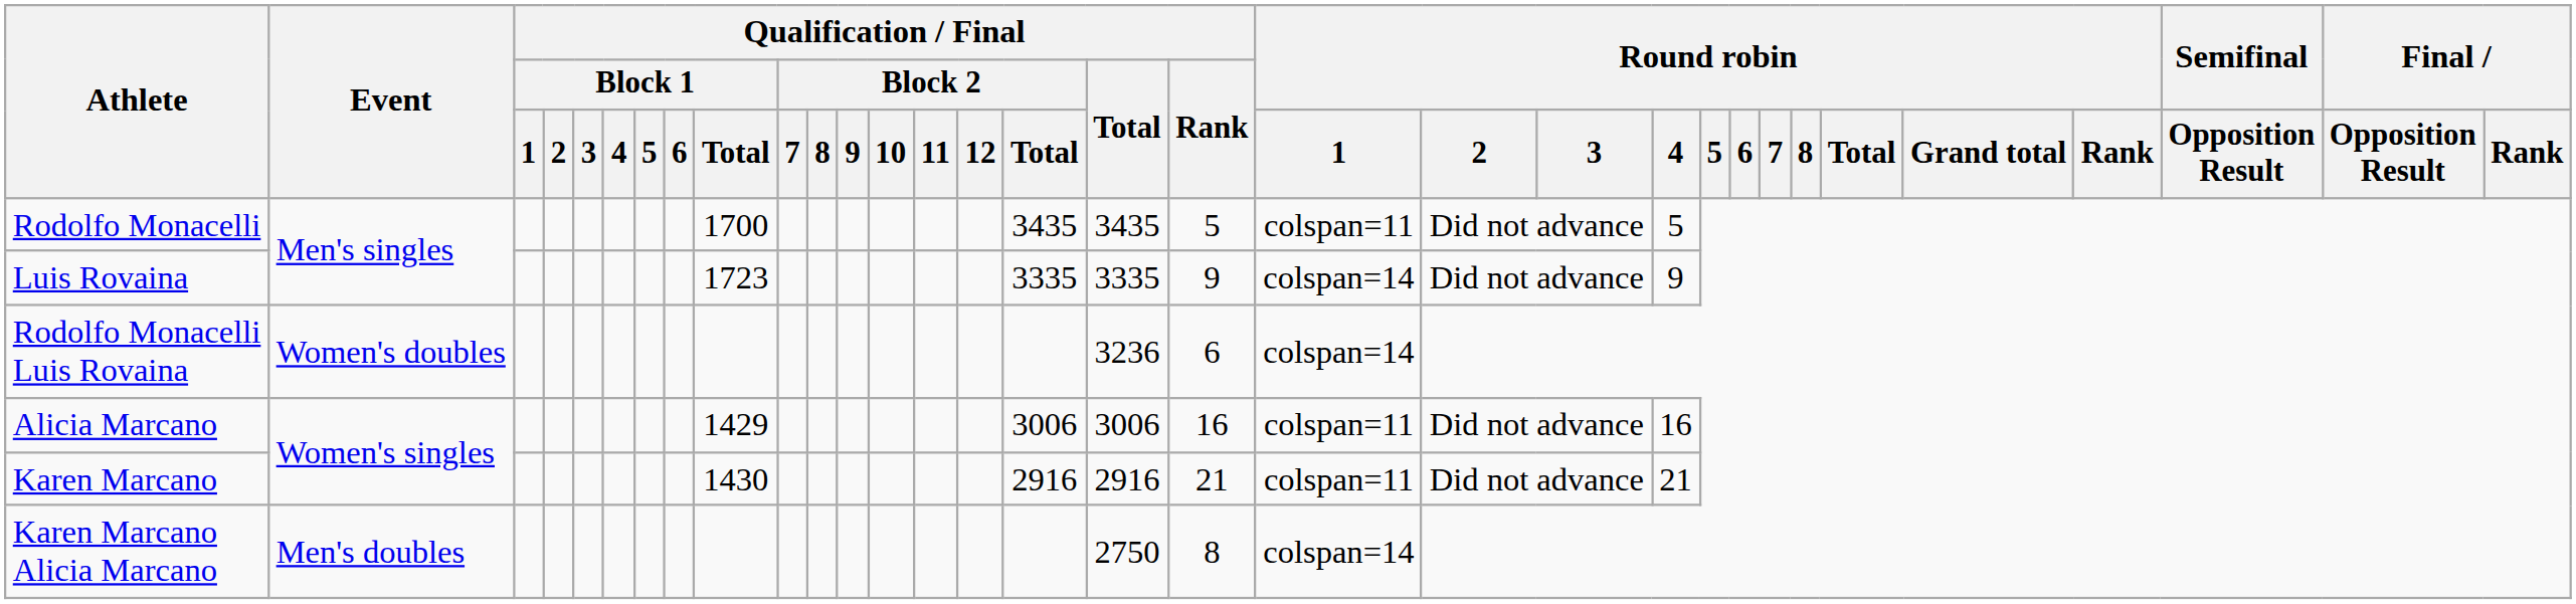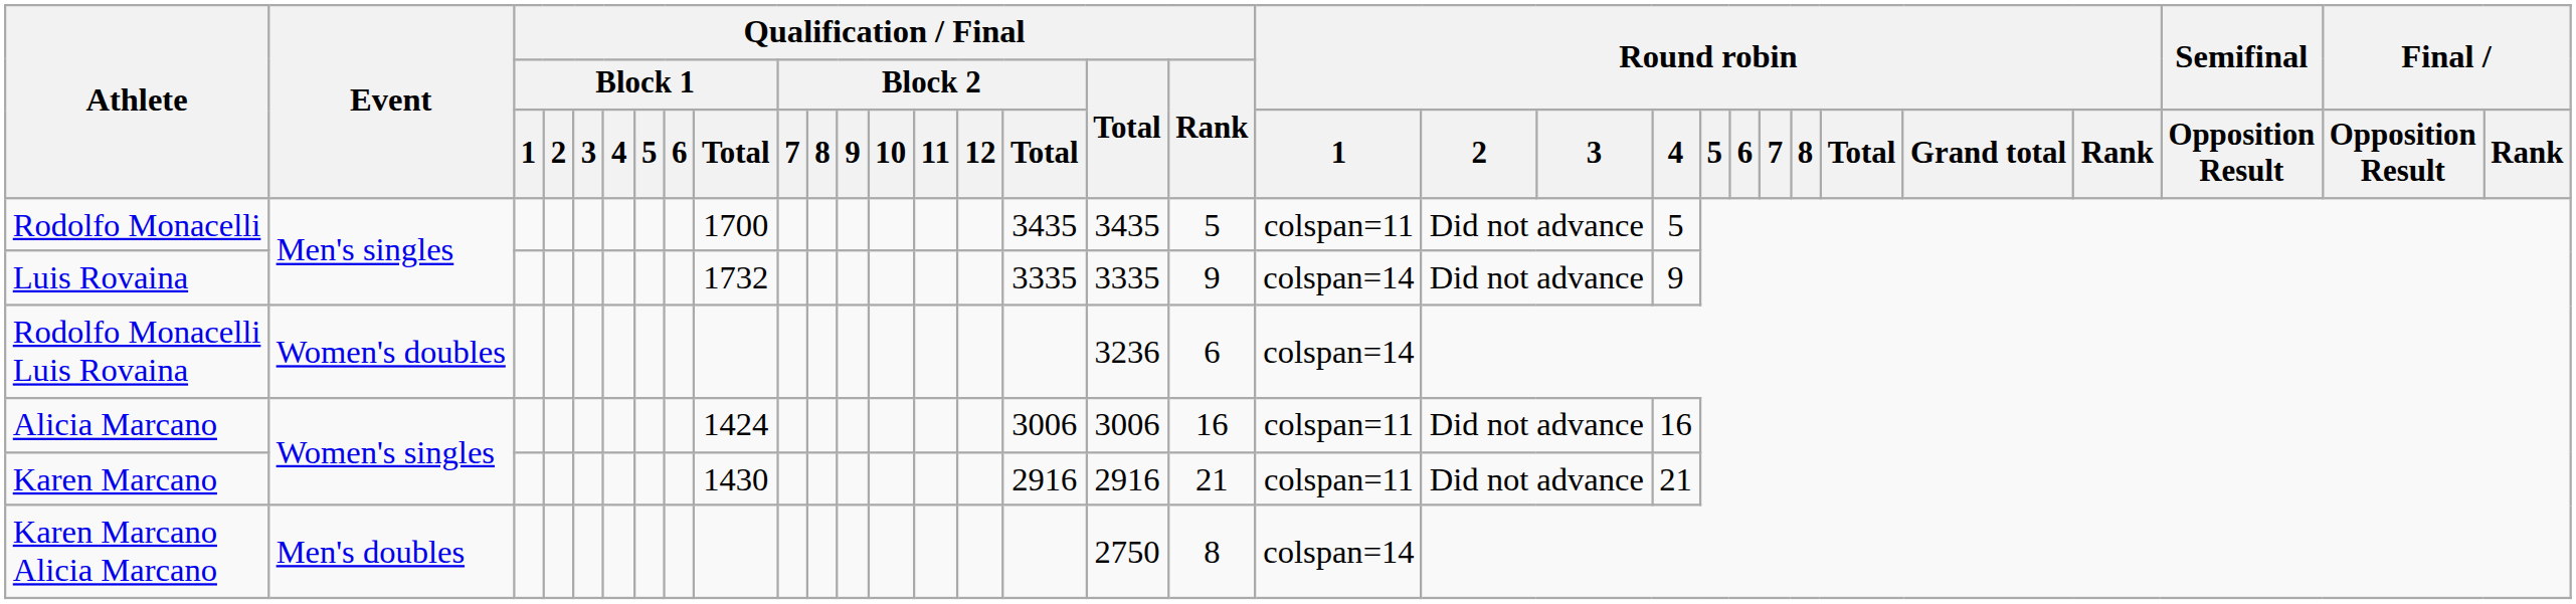 <table class=wikitable style=font-size:90%;text-align:center>
 <tr>
 <th rowspan=3>Athlete</th>
 <th rowspan=3>Event</th>
 <th colspan=16>Qualification / Final</th>
 <th colspan=11 rowspan=2>Round robin</th>
 <th rowspan=2>Semifinal</th>
 <th rowspan=2 colspan=2>Final / </th>
 </tr>
 <tr style=font-size:95%>
 <th colspan=7>Block 1</th>
 <th colspan=7>Block 2</th>
 <th rowspan=2>Total</th>
 <th rowspan=2>Rank</th>
 </tr>
 <tr style=font-size:95%>
 <th>1</th>
 <th>2</th>
 <th>3</th>
 <th>4</th>
 <th>5</th>
 <th>6</th>
 <th>Total</th>
 <th>7</th>
 <th>8</th>
 <th>9</th>
 <th>10</th>
 <th>11</th>
 <th>12</th>
 <th>Total</th>
 <th>1</th>
 <th>2</th>
 <th>3</th>
 <th>4</th>
 <th>5</th>
 <th>6</th>
 <th>7</th>
 <th>8</th>
 <th>Total</th>
 <th>Grand total</th>
 <th>Rank</th>
 <th>Opposition<br>Result</th>
 <th>Opposition<br>Result</th>
 <th>Rank</th>
 </tr>
 <tr>
 <td align=left><a href='#'>Rodolfo Monacelli</a></td>
 <td align=left rowspan=2><a href='#'>Men's singles</a></td>
 <td></td>
 <td></td>
 <td></td>
 <td></td>
 <td></td>
 <td></td>
 <td>1700</td>
 <td></td>
 <td></td>
 <td></td>
 <td></td>
 <td></td>
 <td></td>
 <td>3435</td>
 <td>3435</td>
 <td>5</td>
 <td>colspan=11 </td>
 <td colspan=2>Did not advance</td>
 <td>5</td>
 </tr>
 <tr>
 <td align=left><a href='#'>Luis Rovaina</a></td>
 <td></td>
 <td></td>
 <td></td>
 <td></td>
 <td></td>
 <td></td>
-<td>1723</td>
+<td>1732</td>
 <td></td>
 <td></td>
 <td></td>
 <td></td>
 <td></td>
 <td></td>
 <td>3335</td>
 <td>3335</td>
 <td>9</td>
 <td>colspan=14 </td>
 <td colspan=2>Did not advance</td>
 <td>9</td>
 </tr>
 <tr>
 <td align=left><a href='#'>Rodolfo Monacelli</a><br><a href='#'>Luis Rovaina</a></td>
 <td align=left><a href='#'>Women's doubles</a></td>
 <td></td>
 <td></td>
 <td></td>
 <td></td>
 <td></td>
 <td></td>
 <td></td>
 <td></td>
 <td></td>
 <td></td>
 <td></td>
 <td></td>
 <td></td>
 <td></td>
 <td>3236</td>
 <td>6</td>
 <td>colspan=14 </td>
 </tr>
 <tr>
 <td align=left><a href='#'>Alicia Marcano</a></td>
 <td align=left rowspan=2><a href='#'>Women's singles</a></td>
 <td></td>
 <td></td>
 <td></td>
 <td></td>
 <td></td>
 <td></td>
-<td>1429</td>
+<td>1424</td>
 <td></td>
 <td></td>
 <td></td>
 <td></td>
 <td></td>
 <td></td>
 <td>3006</td>
 <td>3006</td>
 <td>16</td>
 <td>colspan=11 </td>
 <td colspan=2>Did not advance</td>
 <td>16</td>
 </tr>
 <tr>
 <td align=left><a href='#'>Karen Marcano</a></td>
 <td></td>
 <td></td>
 <td></td>
 <td></td>
 <td></td>
 <td></td>
 <td>1430</td>
 <td></td>
 <td></td>
 <td></td>
 <td></td>
 <td></td>
 <td></td>
 <td>2916</td>
 <td>2916</td>
 <td>21</td>
 <td>colspan=11 </td>
 <td colspan=2>Did not advance</td>
 <td>21</td>
 </tr>
 <tr>
 <td align=left><a href='#'>Karen Marcano</a><br><a href='#'>Alicia Marcano</a></td>
 <td align=left><a href='#'>Men's doubles</a></td>
 <td></td>
 <td></td>
 <td></td>
 <td></td>
 <td></td>
 <td></td>
 <td></td>
 <td></td>
 <td></td>
 <td></td>
 <td></td>
 <td></td>
 <td></td>
 <td></td>
 <td>2750</td>
 <td>8</td>
 <td>colspan=14 </td>
 </tr>
 </table>
